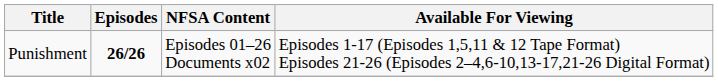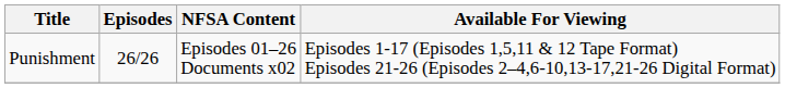 <table class="wikitable">
 <tr>
 <th>Title</th>
 <th>Episodes</th>
 <th>NFSA Content</th>
 <th>Available For Viewing</th>
 </tr>
 <tr>
 <td>Punishment</td>
-<td style="text-align:center;"><strong>26/26</strong></td>
+<td style="text-align:center;">26/26</td>
 <td>Episodes 01–26<br>Documents x02</td>
 <td>Episodes 1-17 (Episodes 1,5,11 & 12 Tape Format)<br>Episodes 21-26 (Episodes 2–4,6-10,13-17,21-26 Digital Format)</td>
 </tr>
 <tr>
 </tr>
 </table>
